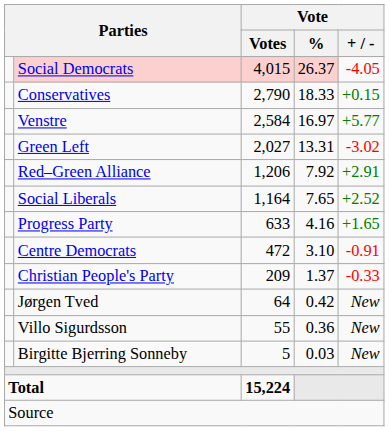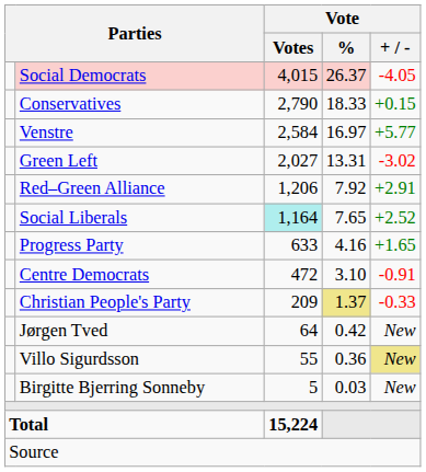 <table class="wikitable" style="text-align:right;">
 <tr>
 <th style="text-align:centre;" rowspan="2" colspan="2" width="225">Parties</th>
 <th colspan="3">Vote</th>
 </tr>
 <tr>
 <th width="15">Votes</th>
 <th width="15">%</th>
 <th width="15">+ / -</th>
 </tr>
 <tr>
 <td width="2" style="color:inherit;background:"></td>
 <td bgcolor=#fbd0ce  align="left"><a href='#'>Social Democrats</a></td>
 <td bgcolor=#fbd0ce>4,015</td>
 <td bgcolor=#fbd0ce>26.37</td>
 <td style=color:red;>-4.05</td>
 </tr>
 <tr>
 <td width="2" style="color:inherit;background:"></td>
 <td align="left"><a href='#'>Conservatives</a></td>
 <td>2,790</td>
 <td>18.33</td>
 <td style=color:green;>+0.15</td>
 </tr>
 <tr>
 <td width="2" style="color:inherit;background:"></td>
 <td align="left"><a href='#'>Venstre</a></td>
 <td>2,584</td>
 <td>16.97</td>
 <td style=color:green;>+5.77</td>
 </tr>
 <tr>
 <td width="2" style="color:inherit;background:"></td>
 <td align="left"><a href='#'>Green Left</a></td>
 <td>2,027</td>
 <td>13.31</td>
 <td style=color:red;>-3.02</td>
 </tr>
 <tr>
 <td width="2" style="color:inherit;background:"></td>
 <td align="left"><a href='#'>Red–Green Alliance</a></td>
 <td>1,206</td>
 <td>7.92</td>
 <td style=color:green;>+2.91</td>
 </tr>
 <tr>
 <td width="2" style="color:inherit;background:"></td>
 <td align="left"><a href='#'>Social Liberals</a></td>
-<td>1,164</td>
+<td style="background: paleturquoise;">1,164</td>
 <td>7.65</td>
 <td style=color:green;>+2.52</td>
 </tr>
 <tr>
 <td width="2" style="color:inherit;background:"></td>
 <td align="left"><a href='#'>Progress Party</a></td>
 <td>633</td>
 <td>4.16</td>
 <td style=color:green;>+1.65</td>
 </tr>
 <tr>
 <td width="2" style="color:inherit;background:"></td>
 <td align="left"><a href='#'>Centre Democrats</a></td>
 <td>472</td>
 <td>3.10</td>
 <td style=color:red;>-0.91</td>
 </tr>
 <tr>
 <td width="2" style="color:inherit;background:"></td>
 <td align="left"><a href='#'>Christian People's Party</a></td>
 <td>209</td>
-<td>1.37</td>
+<td style="background: khaki;">1.37</td>
 <td style=color:red;>-0.33</td>
 </tr>
 <tr>
 <td width="2" style="color:inherit;background:"></td>
 <td align="left">Jørgen Tved</td>
 <td>64</td>
 <td>0.42</td>
 <td><em>New</em></td>
 </tr>
 <tr>
 <td width="2" style="color:inherit;background:"></td>
 <td align="left">Villo Sigurdsson</td>
 <td>55</td>
 <td>0.36</td>
-<td><em>New</em></td>
+<td style="background: khaki;"><em>New</em></td>
 </tr>
 <tr>
 <td width="2" style="color:inherit;background:"></td>
 <td align="left">Birgitte Bjerring Sonneby</td>
 <td>5</td>
 <td>0.03</td>
 <td><em>New</em></td>
 </tr>
 <tr>
 <td colspan="7" bgcolor="#E9E9E9"></td>
 </tr>
 <tr>
 <td align="left" colspan="2"><strong>Total</strong></td>
 <td><strong>15,224</strong></td>
 <td bgcolor="#E9E9E9" colspan="2"></td>
 </tr>
 <tr>
 <td align="left" colspan="6">Source</td>
 </tr>
 </table>
